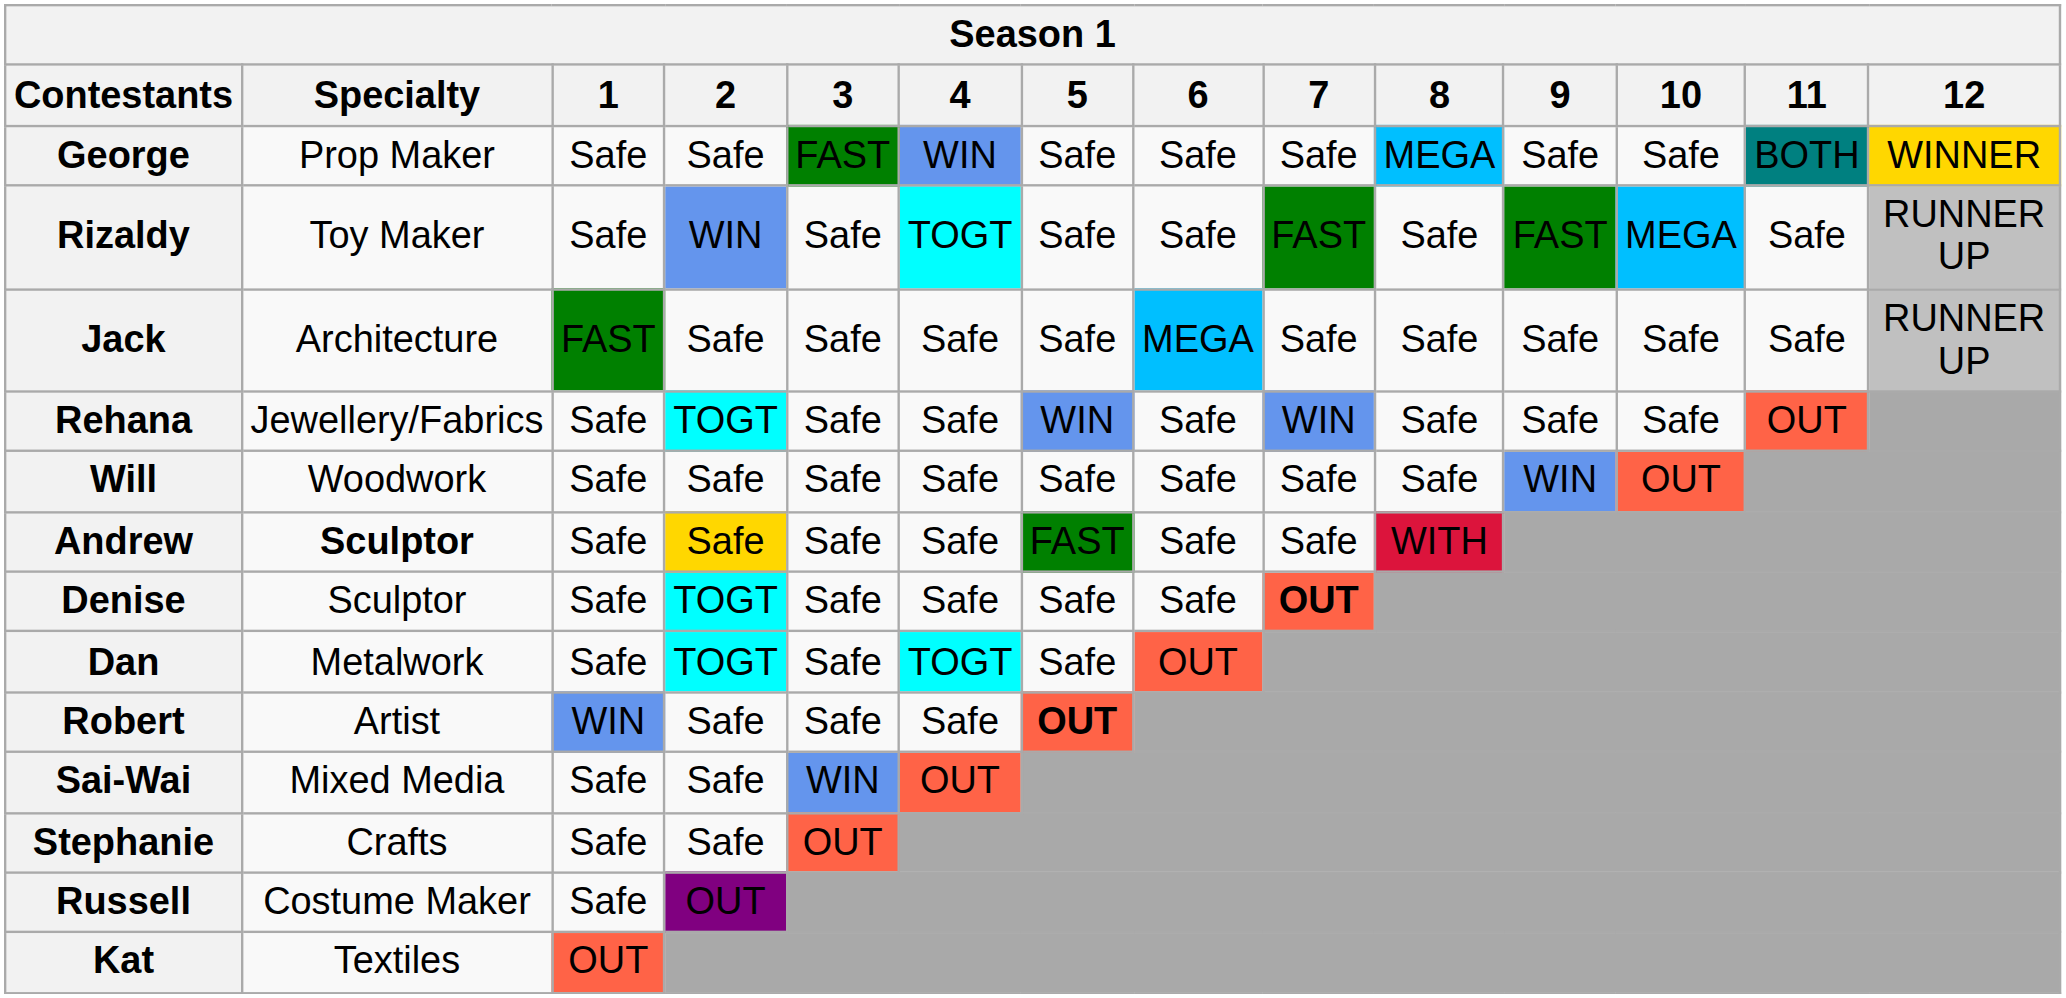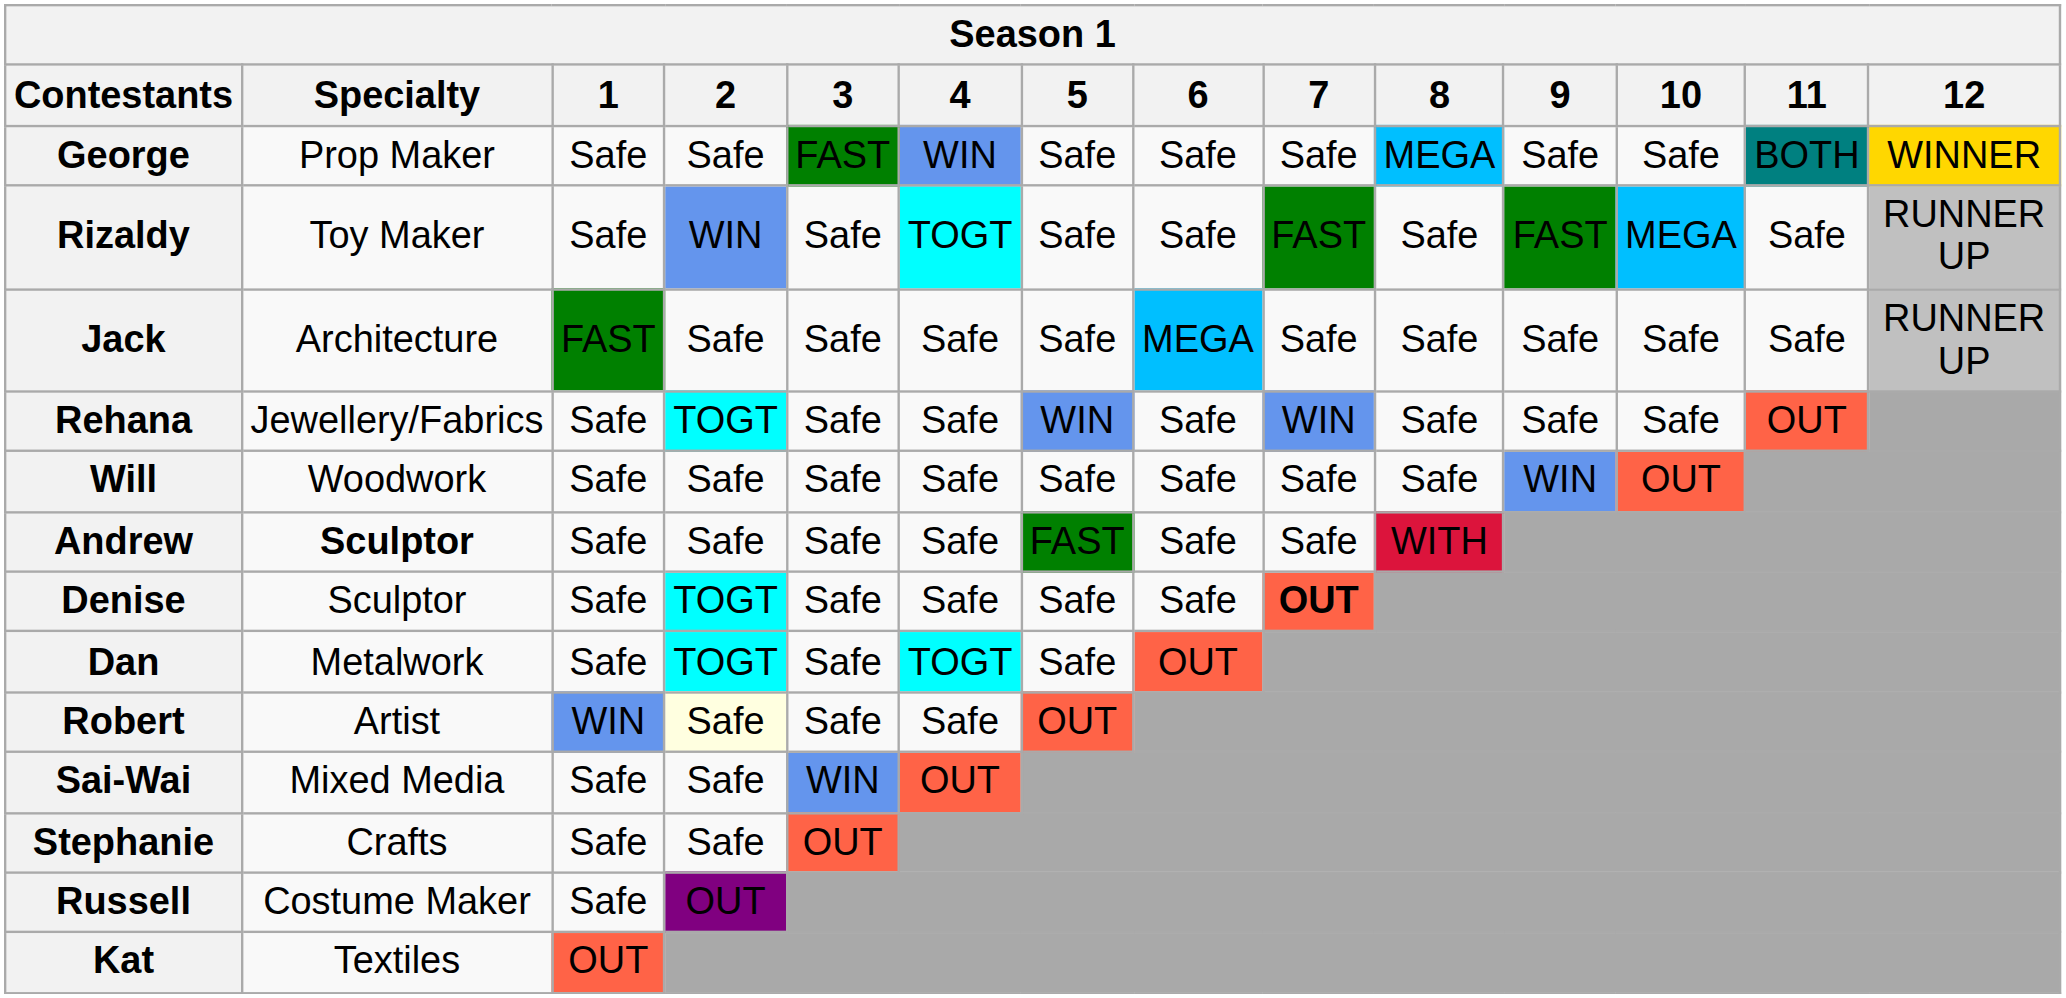 <table class="wikitable" style="text-align:center">
 <tr>
 <th colspan=15>Season 1</th>
 </tr>
 <tr>
 <th>Contestants</th>
 <th>Specialty</th>
 <th>1</th>
 <th>2</th>
 <th>3</th>
 <th>4</th>
 <th>5</th>
 <th>6</th>
 <th>7</th>
 <th>8</th>
 <th>9</th>
 <th>10</th>
 <th>11</th>
 <th>12</th>
 </tr>
 <tr>
 <th>George</th>
 <td>Prop Maker</td>
 <td>Safe</td>
 <td>Safe</td>
 <td style="background:green;"><span>FAST</span></td>
 <td style="background:cornflowerblue;">WIN</td>
 <td>Safe</td>
 <td>Safe</td>
 <td>Safe</td>
 <td style="background:deepskyblue;">MEGA</td>
 <td>Safe</td>
 <td>Safe</td>
 <td style="background:teal;"><span>BOTH</span></td>
 <td style="background:gold;">WINNER</td>
 </tr>
 <tr>
 <th>Rizaldy</th>
 <td>Toy Maker</td>
 <td>Safe</td>
 <td style="background:cornflowerblue;">WIN</td>
 <td>Safe</td>
 <td style="background:aqua;">TOGT</td>
 <td>Safe</td>
 <td>Safe</td>
 <td style="background:green;"><span>FAST</span></td>
 <td>Safe</td>
 <td style="background:green;"><span>FAST</span></td>
 <td style="background:deepskyblue;">MEGA</td>
 <td>Safe</td>
 <td style="background:silver;">RUNNER UP</td>
 </tr>
 <tr>
 <th>Jack</th>
 <td>Architecture</td>
 <td style="background:green;"><span>FAST</span></td>
 <td>Safe</td>
 <td>Safe</td>
 <td>Safe</td>
 <td>Safe</td>
 <td style="background:deepskyblue;">MEGA</td>
 <td>Safe</td>
 <td>Safe</td>
 <td>Safe</td>
 <td>Safe</td>
 <td>Safe</td>
 <td style="background:silver;">RUNNER UP</td>
 </tr>
 <tr>
 <th>Rehana</th>
 <td>Jewellery/Fabrics</td>
 <td>Safe</td>
 <td style="background:aqua;">TOGT</td>
 <td>Safe</td>
 <td>Safe</td>
 <td style="background:cornflowerblue;">WIN</td>
 <td>Safe</td>
 <td style="background:cornflowerblue;">WIN</td>
 <td>Safe</td>
 <td>Safe</td>
 <td>Safe</td>
 <td style="background:tomato;">OUT</td>
 <td style="background:darkgrey;"></td>
 </tr>
 <tr>
 <th>Will</th>
 <td>Woodwork</td>
 <td>Safe</td>
 <td>Safe</td>
 <td>Safe</td>
 <td>Safe</td>
 <td>Safe</td>
 <td>Safe</td>
 <td>Safe</td>
 <td>Safe</td>
 <td style="background:cornflowerblue;">WIN</td>
 <td style="background:tomato;">OUT</td>
 <td colspan="2" style="background:darkgrey;"></td>
 </tr>
 <tr>
 <th>Andrew</th>
 <td><strong>Sculptor</strong></td>
 <td>Safe</td>
-<td style="background: gold;">Safe</td>
+<td>Safe</td>
 <td>Safe</td>
 <td>Safe</td>
 <td style="background:green;"><span>FAST</span></td>
 <td>Safe</td>
 <td>Safe</td>
 <td style="background:crimson;"><span>WITH</span></td>
 <td colspan="4" style="background:darkgrey;"></td>
 </tr>
 <tr>
 <th>Denise</th>
 <td>Sculptor</td>
 <td>Safe</td>
 <td style="background:aqua;">TOGT</td>
 <td>Safe</td>
 <td>Safe</td>
 <td>Safe</td>
 <td>Safe</td>
 <td style="background:tomato;"><strong>OUT</strong></td>
 <td colspan="5" style="background:darkgrey;"></td>
 </tr>
 <tr>
 <th>Dan</th>
 <td>Metalwork</td>
 <td>Safe</td>
 <td style="background:aqua;">TOGT</td>
 <td>Safe</td>
 <td style="background:aqua;">TOGT</td>
 <td>Safe</td>
 <td style="background:tomato;">OUT</td>
 <td colspan="6" style="background:darkgrey;"></td>
 </tr>
 <tr>
 <th>Robert</th>
 <td>Artist</td>
 <td style="background:cornflowerblue;">WIN</td>
+<td style="background: lightyellow;">Safe</td>
 <td>Safe</td>
 <td>Safe</td>
-<td>Safe</td>
-<td style="background:tomato;"><strong>OUT</strong></td>
+<td style="background:tomato;">OUT</td>
 <td colspan="7" style="background:darkgrey;"></td>
 </tr>
 <tr>
 <th>Sai-Wai</th>
 <td>Mixed Media</td>
 <td>Safe</td>
 <td>Safe</td>
 <td style="background:cornflowerblue;">WIN</td>
 <td style="background:tomato;">OUT</td>
 <td colspan="8" style="background:darkgrey;"></td>
 </tr>
 <tr>
 <th>Stephanie</th>
 <td>Crafts</td>
 <td>Safe</td>
 <td>Safe</td>
 <td style="background:tomato;">OUT</td>
 <td colspan="9" style="background:darkgrey;"></td>
 </tr>
 <tr>
 <th>Russell</th>
 <td>Costume Maker</td>
 <td>Safe</td>
 <td style="background:purple;"><span>OUT</span></td>
 <td colspan="10" style="background:darkgrey;"></td>
 </tr>
 <tr>
 <th>Kat</th>
 <td>Textiles</td>
 <td style="background:tomato;">OUT</td>
 <td colspan="11" style="background:darkgrey;"></td>
 </tr>
 <tr>
 </tr>
 </table>
